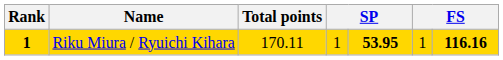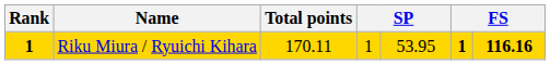 <table class="wikitable sortable">
 <tr>
 <th>Rank</th>
 <th>Name</th>
 <th>Total points</th>
 <th colspan="2" width="80px"><a href='#'>SP</a></th>
 <th colspan="2" width="80px"><a href='#'>FS</a></th>
 </tr>
 <tr bgcolor="gold">
 <td align="center"><strong>1</strong></td>
 <td><a href='#'>Riku Miura</a> / <a href='#'>Ryuichi Kihara</a></td>
 <td align="center">170.11</td>
 <td align="center">1</td>
-<td align="center"><strong>53.95</strong></td>
-<td align="center">1</td>
+<td align="center">53.95</td>
+<td align="center"><strong>1</strong></td>
 <td align="center"><strong>116.16</strong></td>
 </tr>
 </table>
